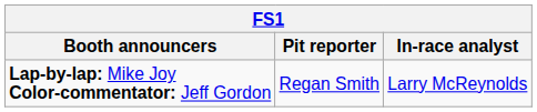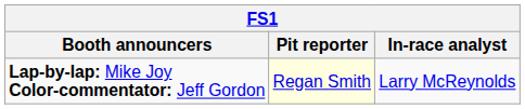 <table class="wikitable" style="font-size: 95%">
 <tr>
 <th colspan="3"><a href='#'>FS1</a></th>
 </tr>
 <tr>
 <th>Booth announcers</th>
 <th>Pit reporter</th>
 <th>In-race analyst</th>
 </tr>
 <tr>
 <td><strong>Lap-by-lap:</strong> <a href='#'>Mike Joy</a><br><strong>Color-commentator:</strong> <a href='#'>Jeff Gordon</a></td>
-<td><a href='#'>Regan Smith</a></td>
+<td style="background: lightyellow;"><a href='#'>Regan Smith</a></td>
 <td><a href='#'>Larry McReynolds</a></td>
 </tr>
 </table>
